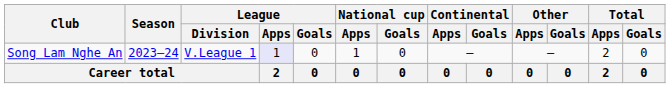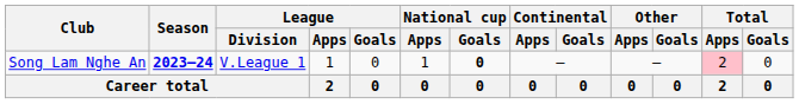 <table class="wikitable" style="text-align:center">
 <tr>
 <th rowspan="2">Club</th>
 <th rowspan="2">Season</th>
 <th colspan="3">League</th>
 <th colspan="2">National cup</th>
 <th colspan="2">Continental</th>
 <th colspan="2">Other</th>
 <th colspan="2">Total</th>
 </tr>
 <tr>
 <th>Division</th>
 <th>Apps</th>
 <th>Goals</th>
 <th>Apps</th>
 <th>Goals</th>
 <th>Apps</th>
 <th>Goals</th>
 <th>Apps</th>
 <th>Goals</th>
 <th>Apps</th>
 <th>Goals</th>
 </tr>
 <tr>
 <td><a href='#'>Song Lam Nghe An</a></td>
-<td><a href='#'>2023–24</a></td>
+<td><strong><a href='#'>2023–24</a></strong></td>
 <td><a href='#'>V.League 1</a></td>
-<td style="background: lavender;">1</td>
+<td>1</td>
 <td>0</td>
 <td>1</td>
-<td>0</td>
+<td><strong>0</strong></td>
 <td colspan="2">—</td>
 <td colspan="2">—</td>
-<td>2</td>
+<td style="background: pink;">2</td>
 <td>0</td>
 </tr>
 <tr>
 <th colspan="3">Career total</th>
 <th>2</th>
 <th>0</th>
 <th>0</th>
 <th>0</th>
 <th>0</th>
 <th>0</th>
 <th>0</th>
 <th>0</th>
 <th>2</th>
 <th>0</th>
 </tr>
 </table>
